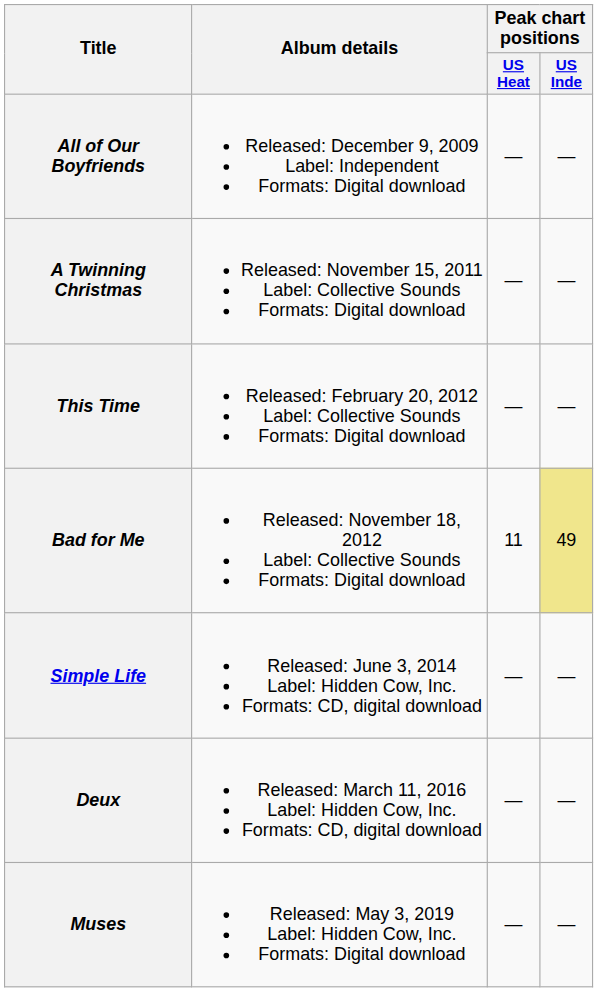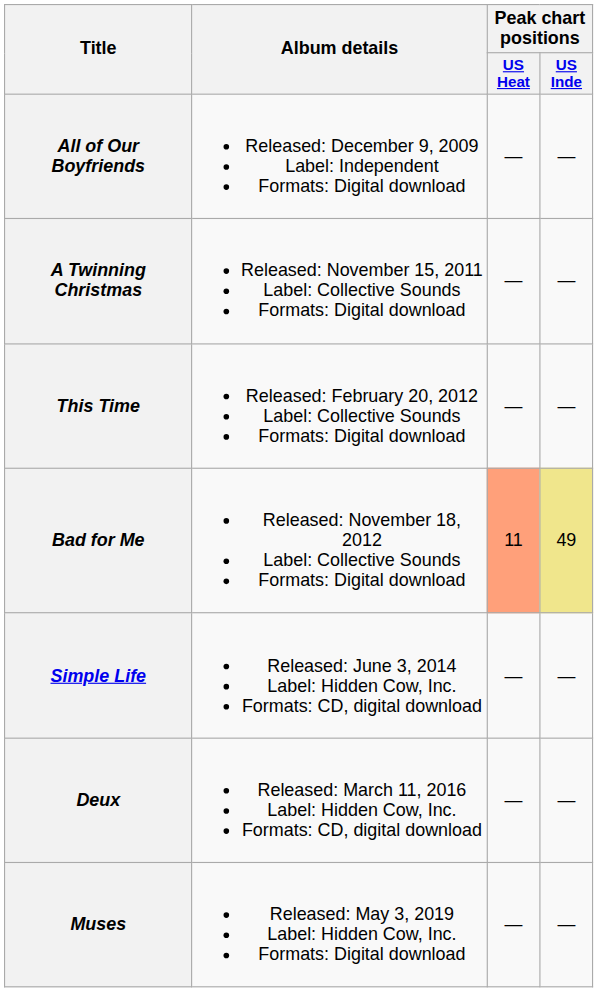 <table class="wikitable plainrowheaders" style="text-align:center;">
 <tr>
 <th rowspan="2" scope="col" style="width:10em;">Title</th>
 <th rowspan="2" scope="col" style="width:16em;">Album details</th>
 <th colspan="2">Peak chart positions</th>
 </tr>
 <tr>
 <th scope="col" style="width:3em;font-size:85%;"><a href='#'>US</a><br><a href='#'>Heat</a><br></th>
 <th scope="col" style="width:3em;font-size:85%;"><a href='#'>US</a><br><a href='#'>Inde</a><br></th>
 </tr>
 <tr>
 <th scope="row"><em>All of Our Boyfriends</em></th>
 <td><br><ul><li>Released: December 9, 2009</li><li>Label: Independent</li><li>Formats: Digital download</li></ul></td>
 <td>—</td>
 <td>—</td>
 </tr>
 <tr>
 <th scope="row"><em>A Twinning Christmas</em></th>
 <td><br><ul><li>Released: November 15, 2011</li><li>Label: Collective Sounds</li><li>Formats: Digital download</li></ul></td>
 <td>—</td>
 <td>—</td>
 </tr>
 <tr>
 <th scope="row"><em>This Time</em></th>
 <td><br><ul><li>Released: February 20, 2012</li><li>Label: Collective Sounds</li><li>Formats: Digital download</li></ul></td>
 <td>—</td>
 <td>—</td>
 </tr>
 <tr>
 <th scope="row"><em>Bad for Me</em></th>
 <td><br><ul><li>Released: November 18, 2012</li><li>Label: Collective Sounds</li><li>Formats: Digital download</li></ul></td>
-<td>11</td>
+<td style="background: lightsalmon;">11</td>
 <td style="background: khaki;">49</td>
 </tr>
 <tr>
 <th scope="row"><em><a href='#'>Simple Life</a></em></th>
 <td><br><ul><li>Released: June 3, 2014</li><li>Label: Hidden Cow, Inc.</li><li>Formats: CD, digital download</li></ul></td>
 <td>—</td>
 <td>—</td>
 </tr>
 <tr>
 <th scope="row"><em>Deux</em></th>
 <td><br><ul><li>Released: March 11, 2016</li><li>Label: Hidden Cow, Inc.</li><li>Formats: CD, digital download</li></ul></td>
 <td>—</td>
 <td>—</td>
 </tr>
 <tr>
 <th scope="row"><em>Muses</em></th>
 <td><br><ul><li>Released: May 3, 2019</li><li>Label: Hidden Cow, Inc.</li><li>Formats: Digital download</li></ul></td>
 <td>—</td>
 <td>—</td>
 </tr>
 </table>
